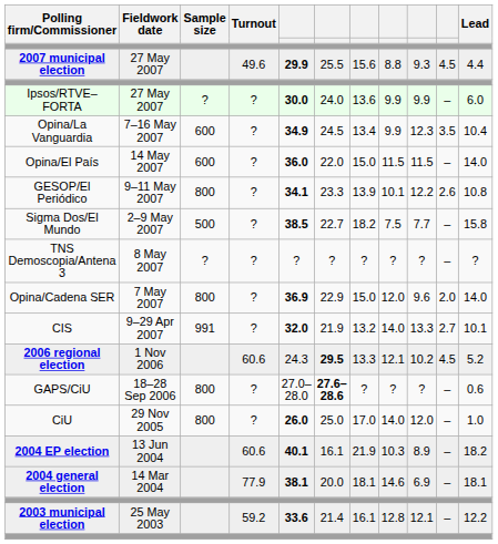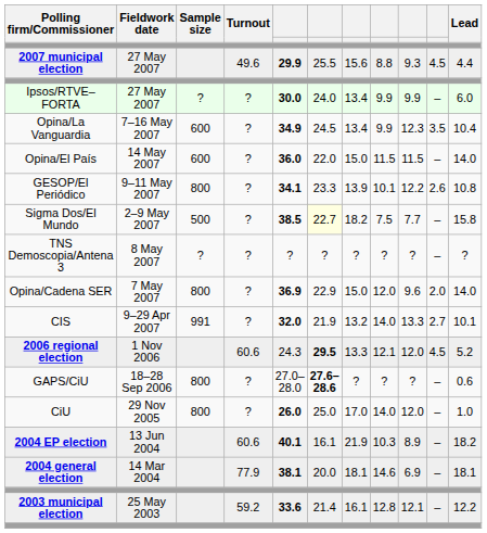 <table class="wikitable collapsible collapsed" style="text-align:center; font-size:95%; line-height:16px;">
 <tr style="height:42px;">
 <th style="width:250px;" rowspan="2">Polling firm/Commissioner</th>
 <th style="width:125px;" rowspan="2">Fieldwork date</th>
 <th style="width:50px;" rowspan="2">Sample size</th>
 <th style="width:45px;" rowspan="2">Turnout</th>
 <th style="width:35px;"></th>
 <th style="width:35px;"></th>
 <th style="width:35px;"></th>
 <th style="width:35px;"></th>
 <th style="width:35px;"></th>
 <th style="width:35px;"></th>
 <th style="width:30px;" rowspan="2">Lead</th>
 </tr>
 <tr>
 <th style="color:inherit;background:"></th>
 <th style="color:inherit;background:"></th>
 <th style="color:inherit;background:"></th>
 <th style="color:inherit;background:"></th>
 <th style="color:inherit;background:"></th>
 <th style="color:inherit;background:"></th>
 </tr>
 <tr>
 <td colspan="11" style="background:#A0A0A0"></td>
 </tr>
 <tr style="background:#EFEFEF;">
 <td><strong><a href='#'>2007 municipal election</a></strong></td>
 <td>27 May 2007</td>
 <td></td>
 <td>49.6</td>
 <td><strong>29.9</strong><br></td>
 <td>25.5<br></td>
 <td>15.6<br></td>
 <td>8.8<br></td>
 <td>9.3<br></td>
 <td>4.5<br></td>
 <td style="background:">4.4</td>
 </tr>
 <tr>
 <td colspan="11" style="background:#A0A0A0"></td>
 </tr>
 <tr style="background:#EAFFEA;">
 <td>Ipsos/RTVE–FORTA</td>
 <td>27 May 2007</td>
 <td>?</td>
 <td>?</td>
 <td><strong>30.0</strong><br></td>
 <td>24.0<br></td>
-<td>13.6<br></td>
+<td>13.4<br></td>
 <td>9.9<br></td>
 <td>9.9<br></td>
 <td>–</td>
 <td style="background:">6.0</td>
 </tr>
 <tr>
 <td>Opina/La Vanguardia</td>
 <td>7–16 May 2007</td>
 <td>600</td>
 <td>?</td>
 <td><strong>34.9</strong><br></td>
 <td>24.5<br></td>
 <td>13.4<br></td>
 <td>9.9<br></td>
 <td>12.3<br></td>
 <td>3.5<br></td>
 <td style="background:">10.4</td>
 </tr>
 <tr>
 <td>Opina/El País</td>
 <td>14 May 2007</td>
 <td>600</td>
 <td>?</td>
 <td><strong>36.0</strong><br></td>
 <td>22.0<br></td>
 <td>15.0<br></td>
 <td>11.5<br></td>
 <td>11.5<br></td>
 <td>–</td>
 <td style="background:">14.0</td>
 </tr>
 <tr>
 <td>GESOP/El Periódico</td>
 <td>9–11 May 2007</td>
 <td>800</td>
 <td>?</td>
 <td><strong>34.1</strong><br></td>
 <td>23.3<br></td>
 <td>13.9<br></td>
 <td>10.1<br></td>
 <td>12.2<br></td>
 <td>2.6<br></td>
 <td style="background:">10.8</td>
 </tr>
 <tr>
 <td>Sigma Dos/El Mundo</td>
 <td>2–9 May 2007</td>
 <td>500</td>
 <td>?</td>
 <td><strong>38.5</strong><br></td>
-<td>22.7<br></td>
+<td style="background: lightyellow;">22.7<br></td>
 <td>18.2<br></td>
 <td>7.5<br></td>
 <td>7.7<br></td>
 <td>–</td>
 <td style="background:">15.8</td>
 </tr>
 <tr>
 <td>TNS Demoscopia/Antena 3</td>
 <td>8 May 2007</td>
 <td>?</td>
 <td>?</td>
 <td>?<br></td>
 <td>?<br></td>
 <td>?<br></td>
 <td>?<br></td>
 <td>?<br></td>
 <td>–</td>
 <td style="background:">?</td>
 </tr>
 <tr>
 <td>Opina/Cadena SER</td>
 <td>7 May 2007</td>
 <td>800</td>
 <td>?</td>
 <td><strong>36.9</strong><br></td>
 <td>22.9<br></td>
 <td>15.0<br></td>
 <td>12.0<br></td>
 <td>9.6<br></td>
 <td>2.0<br></td>
 <td style="background:">14.0</td>
 </tr>
 <tr>
 <td>CIS</td>
 <td>9–29 Apr 2007</td>
 <td>991</td>
 <td>?</td>
 <td><strong>32.0</strong><br></td>
 <td>21.9<br></td>
 <td>13.2<br></td>
 <td>14.0<br></td>
 <td>13.3<br></td>
 <td>2.7<br></td>
 <td style="background:">10.1</td>
 </tr>
 <tr style="background:#EFEFEF;">
 <td><strong><a href='#'>2006 regional election</a></strong></td>
 <td>1 Nov 2006</td>
 <td></td>
 <td>60.6</td>
 <td>24.3<br></td>
 <td><strong>29.5</strong><br></td>
 <td>13.3<br></td>
 <td>12.1<br></td>
-<td>10.2<br></td>
+<td>12.0<br></td>
 <td>4.5<br></td>
 <td style="background:">5.2</td>
 </tr>
 <tr>
 <td>GAPS/CiU</td>
 <td>18–28 Sep 2006</td>
 <td>800</td>
 <td>?</td>
 <td>27.0–<br>28.0<br></td>
 <td><strong>27.6–<br>28.6</strong><br></td>
 <td>?<br></td>
 <td>?<br></td>
 <td>?<br></td>
 <td>–</td>
 <td style="background:">0.6</td>
 </tr>
 <tr>
 <td>CiU</td>
 <td>29 Nov 2005</td>
 <td>800</td>
 <td>?</td>
 <td><strong>26.0</strong><br></td>
 <td>25.0<br></td>
 <td>17.0<br></td>
 <td>14.0<br></td>
 <td>12.0<br></td>
 <td>–</td>
 <td style="background:">1.0</td>
 </tr>
 <tr style="background:#EFEFEF;">
 <td><strong><a href='#'>2004 EP election</a></strong></td>
 <td>13 Jun 2004</td>
 <td></td>
 <td>60.6</td>
 <td><strong>40.1</strong><br></td>
 <td>16.1<br></td>
 <td>21.9<br></td>
 <td>10.3<br></td>
 <td>8.9<br></td>
 <td>–</td>
 <td style="background:">18.2</td>
 </tr>
 <tr style="background:#EFEFEF;">
 <td><strong><a href='#'>2004 general election</a></strong></td>
 <td>14 Mar 2004</td>
 <td></td>
 <td>77.9</td>
 <td><strong>38.1</strong><br></td>
 <td>20.0<br></td>
 <td>18.1<br></td>
 <td>14.6<br></td>
 <td>6.9<br></td>
 <td>–</td>
 <td style="background:">18.1</td>
 </tr>
 <tr>
 <td colspan="11" style="background:#A0A0A0"></td>
 </tr>
 <tr style="background:#EFEFEF;">
 <td><strong><a href='#'>2003 municipal election</a></strong></td>
 <td>25 May 2003</td>
 <td></td>
 <td>59.2</td>
 <td><strong>33.6</strong><br></td>
 <td>21.4<br></td>
 <td>16.1<br></td>
 <td>12.8<br></td>
 <td>12.1<br></td>
 <td>–</td>
 <td style="background:">12.2</td>
 </tr>
 <tr>
 <td colspan="11" style="background:#A0A0A0"></td>
 </tr>
 </table>
